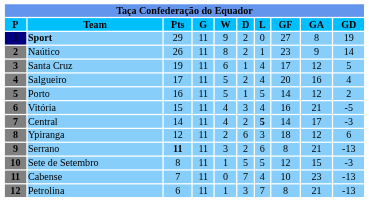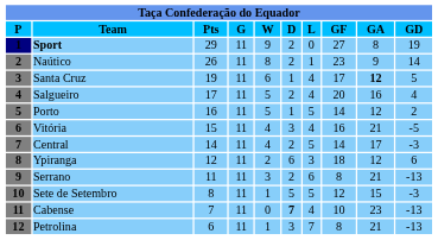 <table width=65% align="center" text-align="center">
 <tr>
 <th colspan="10" bgcolor=#6495ed><span>Taça Confederação do Equador</span></th>
 </tr>
 <tr>
 <th bgcolor=#00bfff align="center"><span>P</span></th>
 <th bgcolor=#00bfff align="center"><span>Team</span></th>
 <th bgcolor=#00bfff align="center"><span>Pts</span></th>
 <th bgcolor=#00bfff align="center"><span> G</span></th>
 <th bgcolor=#00bfff align="center"><span> W</span></th>
 <th bgcolor=#00bfff align="center"><span> D</span></th>
 <th bgcolor=#00bfff align="center"><span> L</span></th>
 <th bgcolor=#00bfff align="center"><span>GF</span></th>
 <th bgcolor=#00bfff align="center"><span>GA</span></th>
 <th bgcolor=#00bfff align="center"><span>GD</span></th>
 </tr>
 <tr>
 <th bgcolor=#000080 align="center"><span>1</span></th>
 <td bgcolor=#87cefa><strong>Sport</strong></td>
 <td bgcolor=#87cefa align="center">29</td>
 <td bgcolor=#87cefa align="center">11</td>
 <td bgcolor=#87cefa align="center">9</td>
 <td bgcolor=#87cefa align="center">2</td>
 <td bgcolor=#87cefa align="center">0</td>
 <td bgcolor=#87cefa align="center">27</td>
 <td bgcolor=#87cefa align="center">8</td>
 <td bgcolor=#87cefa align="center">19</td>
 </tr>
 <tr>
 <th bgcolor=grey align="center"><span>2</span></th>
 <td bgcolor=#87cefa>Naútico</td>
 <td bgcolor=#87cefa align="center">26</td>
 <td bgcolor=#87cefa align="center">11</td>
 <td bgcolor=#87cefa align="center">8</td>
 <td bgcolor=#87cefa align="center">2</td>
 <td bgcolor=#87cefa align="center">1</td>
 <td bgcolor=#87cefa align="center">23</td>
 <td bgcolor=#87cefa align="center">9</td>
 <td bgcolor=#87cefa align="center">14</td>
 </tr>
 <tr>
 <th bgcolor=grey align="center"><span>3</span></th>
 <td bgcolor=#87cefa>Santa Cruz</td>
 <td bgcolor=#87cefa align="center">19</td>
 <td bgcolor=#87cefa align="center">11</td>
 <td bgcolor=#87cefa align="center">6</td>
 <td bgcolor=#87cefa align="center">1</td>
 <td bgcolor=#87cefa align="center">4</td>
 <td bgcolor=#87cefa align="center">17</td>
-<td bgcolor=#87cefa align="center">12</td>
+<td bgcolor=#87cefa align="center"><strong>12</strong></td>
 <td bgcolor=#87cefa align="center">5</td>
 </tr>
 <tr>
 <th bgcolor=grey align="center"><span>4</span></th>
 <td bgcolor=#87cefa>Salgueiro</td>
 <td bgcolor=#87cefa align="center">17</td>
 <td bgcolor=#87cefa align="center">11</td>
 <td bgcolor=#87cefa align="center">5</td>
 <td bgcolor=#87cefa align="center">2</td>
 <td bgcolor=#87cefa align="center">4</td>
 <td bgcolor=#87cefa align="center">20</td>
 <td bgcolor=#87cefa align="center">16</td>
 <td bgcolor=#87cefa align="center">4</td>
 </tr>
 <tr>
 <th bgcolor=grey align="center"><span>5</span></th>
 <td bgcolor=#87cefa>Porto</td>
 <td bgcolor=#87cefa align="center">16</td>
 <td bgcolor=#87cefa align="center">11</td>
 <td bgcolor=#87cefa align="center">5</td>
 <td bgcolor=#87cefa align="center">1</td>
 <td bgcolor=#87cefa align="center">5</td>
 <td bgcolor=#87cefa align="center">14</td>
 <td bgcolor=#87cefa align="center">12</td>
 <td bgcolor=#87cefa align="center">2</td>
 </tr>
 <tr>
 <th bgcolor=grey align="center"><span>6</span></th>
 <td bgcolor=#87cefa>Vitória</td>
 <td bgcolor=#87cefa align="center">15</td>
 <td bgcolor=#87cefa align="center">11</td>
 <td bgcolor=#87cefa align="center">4</td>
 <td bgcolor=#87cefa align="center">3</td>
 <td bgcolor=#87cefa align="center">4</td>
 <td bgcolor=#87cefa align="center">16</td>
 <td bgcolor=#87cefa align="center">21</td>
 <td bgcolor=#87cefa align="center">-5</td>
 </tr>
 <tr>
 <th bgcolor=grey align="center"><span>7</span></th>
 <td bgcolor=#87cefa>Central</td>
 <td bgcolor=#87cefa align="center">14</td>
 <td bgcolor=#87cefa align="center">11</td>
 <td bgcolor=#87cefa align="center">4</td>
 <td bgcolor=#87cefa align="center">2</td>
-<td bgcolor=#87cefa align="center"><strong>5</strong></td>
+<td bgcolor=#87cefa align="center">5</td>
 <td bgcolor=#87cefa align="center">14</td>
 <td bgcolor=#87cefa align="center">17</td>
 <td bgcolor=#87cefa align="center">-3</td>
 </tr>
 <tr>
 <th bgcolor=grey align="center"><span>8</span></th>
 <td bgcolor=#87cefa>Ypiranga</td>
 <td bgcolor=#87cefa align="center">12</td>
 <td bgcolor=#87cefa align="center">11</td>
 <td bgcolor=#87cefa align="center">2</td>
 <td bgcolor=#87cefa align="center">6</td>
 <td bgcolor=#87cefa align="center">3</td>
 <td bgcolor=#87cefa align="center">18</td>
 <td bgcolor=#87cefa align="center">12</td>
 <td bgcolor=#87cefa align="center">6</td>
 </tr>
 <tr>
 <th bgcolor=grey align="center"><span>9</span></th>
 <td bgcolor=#87cefa>Serrano</td>
-<td bgcolor=#87cefa align="center"><strong>11</strong></td>
+<td bgcolor=#87cefa align="center">11</td>
 <td bgcolor=#87cefa align="center">11</td>
 <td bgcolor=#87cefa align="center">3</td>
 <td bgcolor=#87cefa align="center">2</td>
 <td bgcolor=#87cefa align="center">6</td>
 <td bgcolor=#87cefa align="center">8</td>
 <td bgcolor=#87cefa align="center">21</td>
 <td bgcolor=#87cefa align="center">-13</td>
 </tr>
 <tr>
 <th bgcolor=gray align="center"><span>10</span></th>
 <td bgcolor=#87cefa>Sete de Setembro</td>
 <td bgcolor=#87cefa align="center">8</td>
 <td bgcolor=#87cefa align="center">11</td>
 <td bgcolor=#87cefa align="center">1</td>
 <td bgcolor=#87cefa align="center">5</td>
 <td bgcolor=#87cefa align="center">5</td>
 <td bgcolor=#87cefa align="center">12</td>
 <td bgcolor=#87cefa align="center">15</td>
 <td bgcolor=#87cefa align="center">-3</td>
 </tr>
 <tr>
 <th bgcolor=gray align="center"><span>11</span></th>
 <td bgcolor=#87cefa>Cabense</td>
 <td bgcolor=#87cefa align="center">7</td>
 <td bgcolor=#87cefa align="center">11</td>
 <td bgcolor=#87cefa align="center">0</td>
-<td bgcolor=#87cefa align="center">7</td>
+<td bgcolor=#87cefa align="center"><strong>7</strong></td>
 <td bgcolor=#87cefa align="center">4</td>
 <td bgcolor=#87cefa align="center">10</td>
 <td bgcolor=#87cefa align="center">23</td>
 <td bgcolor=#87cefa align="center">-13</td>
 </tr>
 <tr>
 <th bgcolor=gray align="center"><span>12</span></th>
 <td bgcolor=#87cefa>Petrolina</td>
 <td bgcolor=#87cefa align="center">6</td>
 <td bgcolor=#87cefa align="center">11</td>
 <td bgcolor=#87cefa align="center">1</td>
 <td bgcolor=#87cefa align="center">3</td>
 <td bgcolor=#87cefa align="center">7</td>
 <td bgcolor=#87cefa align="center">8</td>
 <td bgcolor=#87cefa align="center">21</td>
 <td bgcolor=#87cefa align="center">-13</td>
 </tr>
 </table>
